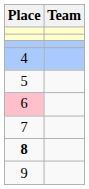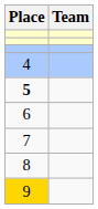 <table class="wikitable">
 <tr>
 <th>Place</th>
 <th>Team</th>
 </tr>
 <tr bgcolor=#ffffcc>
 <td align=center></td>
 <td></td>
 </tr>
 <tr bgcolor=#ffffcc>
 <td align=center></td>
 <td></td>
 </tr>
 <tr bgcolor=#aac9fc>
 <td align=center></td>
 <td></td>
 </tr>
 <tr bgcolor=#aac9fc>
 <td align=center>4</td>
 <td></td>
 </tr>
 <tr>
-<td align=center>5</td>
+<td align=center><strong>5</strong></td>
 <td></td>
 </tr>
 <tr>
-<td align=center style="background: pink;">6</td>
+<td align=center>6</td>
 <td></td>
 </tr>
 <tr>
 <td align=center>7</td>
 <td></td>
 </tr>
 <tr>
-<td align=center><strong>8</strong></td>
+<td align=center>8</td>
 <td></td>
 </tr>
 <tr>
-<td align=center>9</td>
+<td align=center style="background: gold;">9</td>
 <td></td>
 </tr>
 </table>
